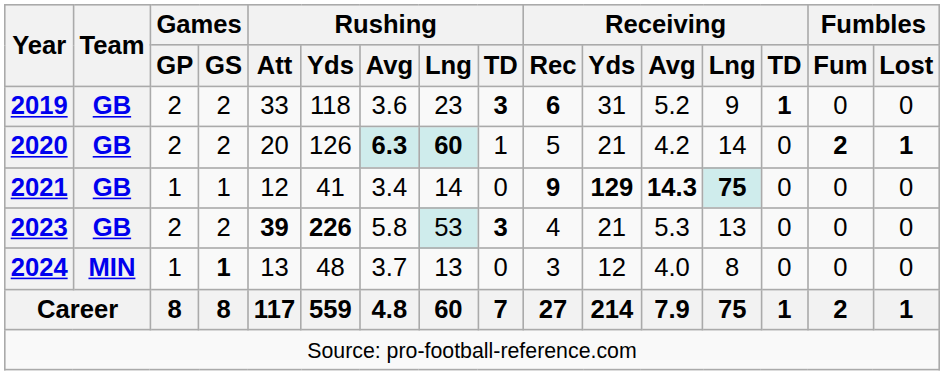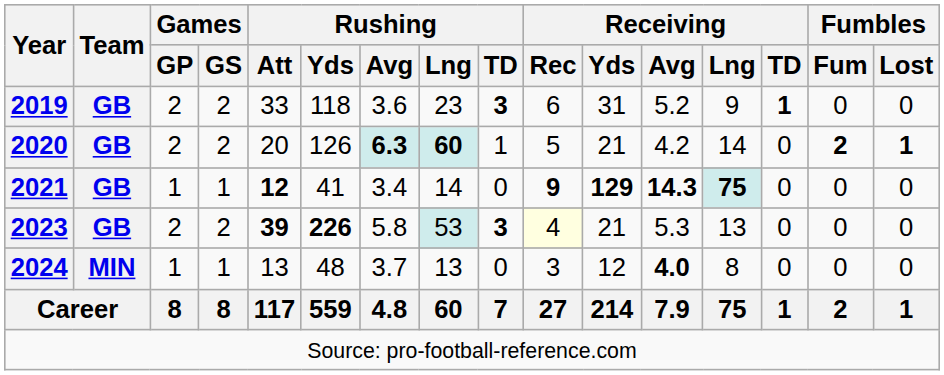 <table class="wikitable" style="text-align: center;">
 <tr>
 <th rowspan="2">Year</th>
 <th rowspan="2">Team</th>
 <th colspan="2">Games</th>
 <th colspan="5">Rushing</th>
 <th colspan="5">Receiving</th>
 <th colspan="2">Fumbles</th>
 </tr>
 <tr>
 <th>GP</th>
 <th>GS</th>
 <th>Att</th>
 <th>Yds</th>
 <th>Avg</th>
 <th>Lng</th>
 <th>TD</th>
 <th>Rec</th>
 <th>Yds</th>
 <th>Avg</th>
 <th>Lng</th>
 <th>TD</th>
 <th>Fum</th>
 <th>Lost</th>
 </tr>
 <tr>
 <th><a href='#'>2019</a></th>
 <th><a href='#'>GB</a></th>
 <td>2</td>
 <td>2</td>
 <td>33</td>
 <td>118</td>
 <td>3.6</td>
 <td>23</td>
 <td><strong>3</strong></td>
-<td><strong>6</strong></td>
+<td>6</td>
 <td>31</td>
 <td>5.2</td>
 <td>9</td>
 <td><strong>1</strong></td>
 <td>0</td>
 <td>0</td>
 </tr>
 <tr>
 <th><a href='#'>2020</a></th>
 <th><a href='#'>GB</a></th>
 <td>2</td>
 <td>2</td>
 <td>20</td>
 <td>126</td>
 <td style="background:#cfecec;"><strong>6.3</strong></td>
 <td style="background:#cfecec;"><strong>60</strong></td>
 <td>1</td>
 <td>5</td>
 <td>21</td>
 <td>4.2</td>
 <td>14</td>
 <td>0</td>
 <td><strong>2</strong></td>
 <td><strong>1</strong></td>
 </tr>
 <tr>
 <th><a href='#'>2021</a></th>
 <th><a href='#'>GB</a></th>
 <td>1</td>
 <td>1</td>
-<td>12</td>
+<td><strong>12</strong></td>
 <td>41</td>
 <td>3.4</td>
 <td>14</td>
 <td>0</td>
 <td><strong>9</strong></td>
 <td><strong>129</strong></td>
 <td><strong>14.3</strong></td>
 <td style="background:#cfecec;"><strong>75</strong></td>
 <td>0</td>
 <td>0</td>
 <td>0</td>
 </tr>
 <tr>
 <th><a href='#'>2023</a></th>
 <th><a href='#'>GB</a></th>
 <td>2</td>
 <td>2</td>
 <td><strong>39</strong></td>
 <td><strong>226</strong></td>
 <td>5.8</td>
 <td style="background:#cfecec;">53</td>
 <td><strong>3</strong></td>
-<td>4</td>
+<td style="background: lightyellow;">4</td>
 <td>21</td>
 <td>5.3</td>
 <td>13</td>
 <td>0</td>
 <td>0</td>
 <td>0</td>
 </tr>
 <tr>
 <th><a href='#'>2024</a></th>
 <th><a href='#'>MIN</a></th>
 <td>1</td>
-<td><strong>1</strong></td>
+<td>1</td>
 <td>13</td>
 <td>48</td>
 <td>3.7</td>
 <td>13</td>
 <td>0</td>
 <td>3</td>
 <td>12</td>
-<td>4.0</td>
+<td><strong>4.0</strong></td>
 <td>8</td>
 <td>0</td>
 <td>0</td>
 <td>0</td>
 </tr>
 <tr>
 <th colspan="2">Career</th>
 <th>8</th>
 <th>8</th>
 <th>117</th>
 <th>559</th>
 <th>4.8</th>
 <th>60</th>
 <th>7</th>
 <th>27</th>
 <th>214</th>
 <th>7.9</th>
 <th>75</th>
 <th>1</th>
 <th>2</th>
 <th>1</th>
 </tr>
 <tr>
 <td colspan="16"><small>Source: pro-football-reference.com</small></td>
 </tr>
 </table>
